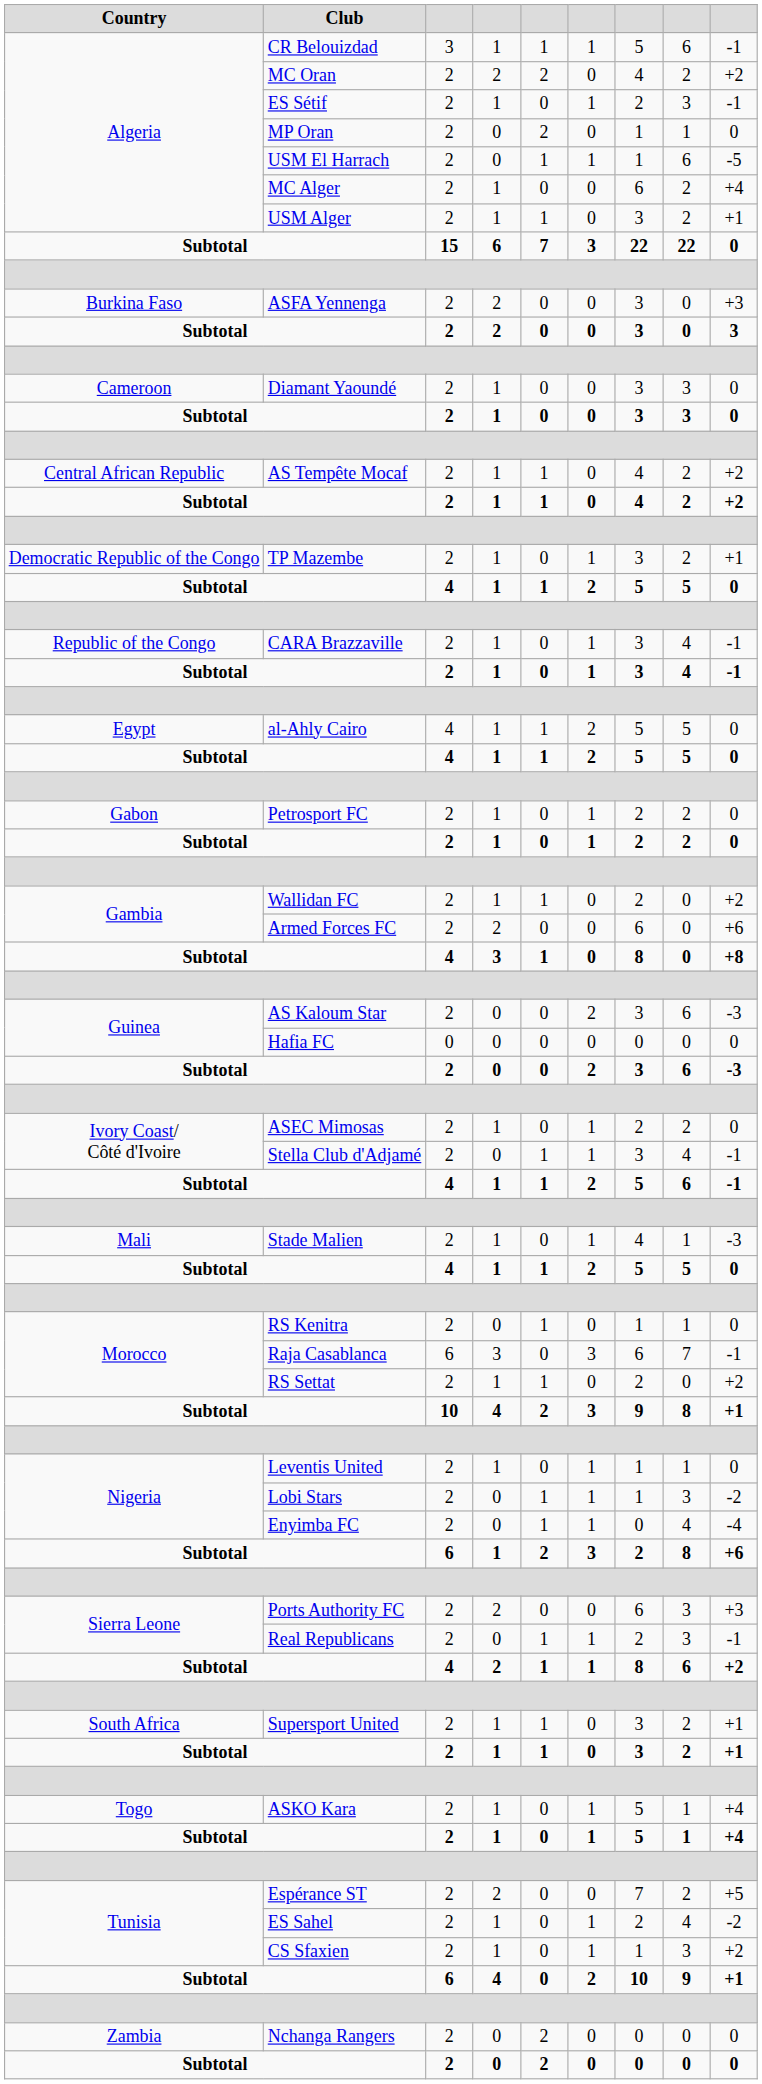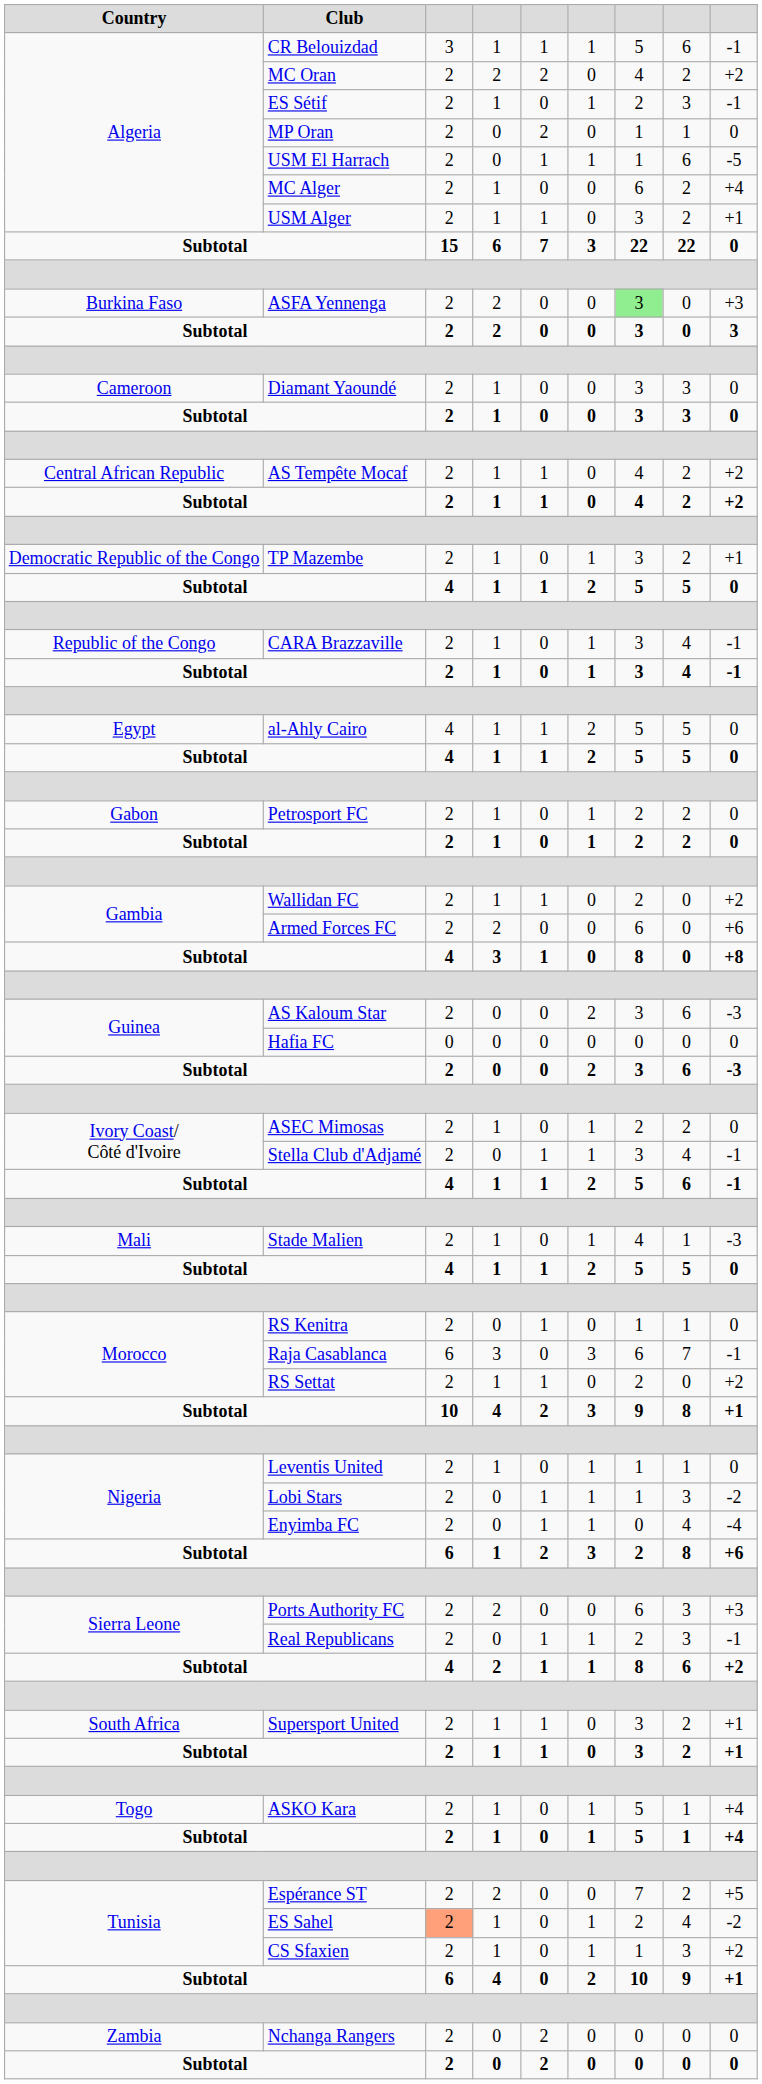 <table class="wikitable" style="text-align: center;">
 <tr>
 <th style="background:#DCDCDC">Country</th>
 <th style="background:#DCDCDC">Club</th>
 <th width="35" style="background:#DCDCDC"></th>
 <th width="35" style="background:#DCDCDC"></th>
 <th width="35" style="background:#DCDCDC"></th>
 <th width="35" style="background:#DCDCDC"></th>
 <th width="35" style="background:#DCDCDC"></th>
 <th width="35" style="background:#DCDCDC"></th>
 <th width="35" style="background:#DCDCDC"></th>
 </tr>
 <tr>
 <td rowspan=7> <a href='#'>Algeria</a></td>
 <td align=left><a href='#'>CR Belouizdad</a></td>
 <td>3</td>
 <td>1</td>
 <td>1</td>
 <td>1</td>
 <td>5</td>
 <td>6</td>
 <td>-1</td>
 </tr>
 <tr>
 <td align=left><a href='#'>MC Oran</a></td>
 <td>2</td>
 <td>2</td>
 <td>2</td>
 <td>0</td>
 <td>4</td>
 <td>2</td>
 <td>+2</td>
 </tr>
 <tr>
 <td align=left><a href='#'>ES Sétif</a></td>
 <td>2</td>
 <td>1</td>
 <td>0</td>
 <td>1</td>
 <td>2</td>
 <td>3</td>
 <td>-1</td>
 </tr>
 <tr>
 <td align=left><a href='#'>MP Oran</a></td>
 <td>2</td>
 <td>0</td>
 <td>2</td>
 <td>0</td>
 <td>1</td>
 <td>1</td>
 <td>0</td>
 </tr>
 <tr>
 <td align=left><a href='#'>USM El Harrach</a></td>
 <td>2</td>
 <td>0</td>
 <td>1</td>
 <td>1</td>
 <td>1</td>
 <td>6</td>
 <td>-5</td>
 </tr>
 <tr>
 <td align=left><a href='#'>MC Alger</a></td>
 <td>2</td>
 <td>1</td>
 <td>0</td>
 <td>0</td>
 <td>6</td>
 <td>2</td>
 <td>+4</td>
 </tr>
 <tr>
 <td align=left><a href='#'>USM Alger</a></td>
 <td>2</td>
 <td>1</td>
 <td>1</td>
 <td>0</td>
 <td>3</td>
 <td>2</td>
 <td>+1</td>
 </tr>
 <tr>
 <td colspan=2 align-"center"><strong>Subtotal</strong></td>
 <td><strong>15</strong></td>
 <td><strong>6</strong></td>
 <td><strong>7</strong></td>
 <td><strong>3</strong></td>
 <td><strong>22</strong></td>
 <td><strong>22</strong></td>
 <td><strong>0</strong></td>
 </tr>
 <tr>
 <th colspan=9 height="18" style="background:#DCDCDC"></th>
 </tr>
 <tr>
 <td> <a href='#'>Burkina Faso</a></td>
 <td align=left><a href='#'>ASFA Yennenga</a></td>
 <td>2</td>
 <td>2</td>
 <td>0</td>
 <td>0</td>
-<td>3</td>
+<td style="background: lightgreen;">3</td>
 <td>0</td>
 <td>+3</td>
 </tr>
 <tr>
 <td colspan=2 align-"center"><strong>Subtotal</strong></td>
 <td><strong>2</strong></td>
 <td><strong>2</strong></td>
 <td><strong>0</strong></td>
 <td><strong>0</strong></td>
 <td><strong>3</strong></td>
 <td><strong>0</strong></td>
 <td><strong>3</strong></td>
 </tr>
 <tr>
 <th colspan=9 height="18" style="background:#DCDCDC"></th>
 </tr>
 <tr>
 <td> <a href='#'>Cameroon</a></td>
 <td align=left><a href='#'>Diamant Yaoundé</a></td>
 <td>2</td>
 <td>1</td>
 <td>0</td>
 <td>0</td>
 <td>3</td>
 <td>3</td>
 <td>0</td>
 </tr>
 <tr>
 <td colspan=2 align-"center"><strong>Subtotal</strong></td>
 <td><strong>2</strong></td>
 <td><strong>1</strong></td>
 <td><strong>0</strong></td>
 <td><strong>0</strong></td>
 <td><strong>3</strong></td>
 <td><strong>3</strong></td>
 <td><strong>0</strong></td>
 </tr>
 <tr>
 <th colspan=9 height="18" style="background:#DCDCDC"></th>
 </tr>
 <tr>
 <td> <a href='#'>Central African Republic</a></td>
 <td align=left><a href='#'>AS Tempête Mocaf</a></td>
 <td>2</td>
 <td>1</td>
 <td>1</td>
 <td>0</td>
 <td>4</td>
 <td>2</td>
 <td>+2</td>
 </tr>
 <tr>
 <td colspan=2 align-"center"><strong>Subtotal</strong></td>
 <td><strong>2</strong></td>
 <td><strong>1</strong></td>
 <td><strong>1</strong></td>
 <td><strong>0</strong></td>
 <td><strong>4</strong></td>
 <td><strong>2</strong></td>
 <td><strong>+2</strong></td>
 </tr>
 <tr>
 <th colspan=9 height="18" style="background:#DCDCDC"></th>
 </tr>
 <tr>
 <td> <a href='#'>Democratic Republic of the Congo</a></td>
 <td align=left><a href='#'>TP Mazembe</a></td>
 <td>2</td>
 <td>1</td>
 <td>0</td>
 <td>1</td>
 <td>3</td>
 <td>2</td>
 <td>+1</td>
 </tr>
 <tr>
 <td colspan=2 align-"center"><strong>Subtotal</strong></td>
 <td><strong>4</strong></td>
 <td><strong>1</strong></td>
 <td><strong>1</strong></td>
 <td><strong>2</strong></td>
 <td><strong>5</strong></td>
 <td><strong>5</strong></td>
 <td><strong>0</strong></td>
 </tr>
 <tr>
 <th colspan=9 height="18" style="background:#DCDCDC"></th>
 </tr>
 <tr>
 <td><a href='#'>Republic of the Congo</a></td>
 <td align=left><a href='#'>CARA Brazzaville</a></td>
 <td>2</td>
 <td>1</td>
 <td>0</td>
 <td>1</td>
 <td>3</td>
 <td>4</td>
 <td>-1</td>
 </tr>
 <tr>
 <td colspan=2 align-"center"><strong>Subtotal</strong></td>
 <td><strong>2</strong></td>
 <td><strong>1</strong></td>
 <td><strong>0</strong></td>
 <td><strong>1</strong></td>
 <td><strong>3</strong></td>
 <td><strong>4</strong></td>
 <td><strong>-1</strong></td>
 </tr>
 <tr>
 <th colspan=9 height="18" style="background:#DCDCDC"></th>
 </tr>
 <tr>
 <td> <a href='#'>Egypt</a></td>
 <td align=left><a href='#'>al-Ahly Cairo</a></td>
 <td>4</td>
 <td>1</td>
 <td>1</td>
 <td>2</td>
 <td>5</td>
 <td>5</td>
 <td>0</td>
 </tr>
 <tr>
 <td colspan=2 align-"center"><strong>Subtotal</strong></td>
 <td><strong>4</strong></td>
 <td><strong>1</strong></td>
 <td><strong>1</strong></td>
 <td><strong>2</strong></td>
 <td><strong>5</strong></td>
 <td><strong>5</strong></td>
 <td><strong>0</strong></td>
 </tr>
 <tr>
 <th colspan=9 height="18" style="background:#DCDCDC"></th>
 </tr>
 <tr>
 <td> <a href='#'>Gabon</a></td>
 <td align=left><a href='#'>Petrosport FC</a></td>
 <td>2</td>
 <td>1</td>
 <td>0</td>
 <td>1</td>
 <td>2</td>
 <td>2</td>
 <td>0</td>
 </tr>
 <tr>
 <td colspan=2 align-"center"><strong>Subtotal</strong></td>
 <td><strong>2</strong></td>
 <td><strong>1</strong></td>
 <td><strong>0</strong></td>
 <td><strong>1</strong></td>
 <td><strong>2</strong></td>
 <td><strong>2</strong></td>
 <td><strong>0</strong></td>
 </tr>
 <tr>
 <th colspan=9 height="18" style="background:#DCDCDC"></th>
 </tr>
 <tr>
 <td rowspan=2> <a href='#'>Gambia</a></td>
 <td align=left><a href='#'>Wallidan FC</a></td>
 <td>2</td>
 <td>1</td>
 <td>1</td>
 <td>0</td>
 <td>2</td>
 <td>0</td>
 <td>+2</td>
 </tr>
 <tr>
 <td align=left><a href='#'>Armed Forces FC</a></td>
 <td>2</td>
 <td>2</td>
 <td>0</td>
 <td>0</td>
 <td>6</td>
 <td>0</td>
 <td>+6</td>
 </tr>
 <tr>
 <td colspan=2 align-"center"><strong>Subtotal</strong></td>
 <td><strong>4</strong></td>
 <td><strong>3</strong></td>
 <td><strong>1</strong></td>
 <td><strong>0</strong></td>
 <td><strong>8</strong></td>
 <td><strong>0</strong></td>
 <td><strong>+8</strong></td>
 </tr>
 <tr>
 <th colspan=9 height="18" style="background:#DCDCDC"></th>
 </tr>
 <tr>
 <td rowspan=2> <a href='#'>Guinea</a></td>
 <td align=left><a href='#'>AS Kaloum Star</a></td>
 <td>2</td>
 <td>0</td>
 <td>0</td>
 <td>2</td>
 <td>3</td>
 <td>6</td>
 <td>-3</td>
 </tr>
 <tr>
 <td align=left><a href='#'>Hafia FC</a></td>
 <td>0</td>
 <td>0</td>
 <td>0</td>
 <td>0</td>
 <td>0</td>
 <td>0</td>
 <td>0</td>
 </tr>
 <tr>
 <td colspan=2 align-"center"><strong>Subtotal</strong></td>
 <td><strong>2</strong></td>
 <td><strong>0</strong></td>
 <td><strong>0</strong></td>
 <td><strong>2</strong></td>
 <td><strong>3</strong></td>
 <td><strong>6</strong></td>
 <td><strong>-3</strong></td>
 </tr>
 <tr>
 <th colspan=9 height="18" style="background:#DCDCDC"></th>
 </tr>
 <tr>
 <td rowspan=2> <a href='#'>Ivory Coast</a>/<br>Côté d'Ivoire</td>
 <td align=left><a href='#'>ASEC Mimosas</a></td>
 <td>2</td>
 <td>1</td>
 <td>0</td>
 <td>1</td>
 <td>2</td>
 <td>2</td>
 <td>0</td>
 </tr>
 <tr>
 <td align=left><a href='#'>Stella Club d'Adjamé</a></td>
 <td>2</td>
 <td>0</td>
 <td>1</td>
 <td>1</td>
 <td>3</td>
 <td>4</td>
 <td>-1</td>
 </tr>
 <tr>
 <td colspan=2 align-"center"><strong>Subtotal</strong></td>
 <td><strong>4</strong></td>
 <td><strong>1</strong></td>
 <td><strong>1</strong></td>
 <td><strong>2</strong></td>
 <td><strong>5</strong></td>
 <td><strong>6</strong></td>
 <td><strong>-1</strong></td>
 </tr>
 <tr>
 <th colspan=9 height="18" style="background:#DCDCDC"></th>
 </tr>
 <tr>
 <td> <a href='#'>Mali</a></td>
 <td align=left><a href='#'>Stade Malien</a></td>
 <td>2</td>
 <td>1</td>
 <td>0</td>
 <td>1</td>
 <td>4</td>
 <td>1</td>
 <td>-3</td>
 </tr>
 <tr>
 <td colspan=2 align-"center"><strong>Subtotal</strong></td>
 <td><strong>4</strong></td>
 <td><strong>1</strong></td>
 <td><strong>1</strong></td>
 <td><strong>2</strong></td>
 <td><strong>5</strong></td>
 <td><strong>5</strong></td>
 <td><strong>0</strong></td>
 </tr>
 <tr>
 <th colspan=9 height="18" style="background:#DCDCDC"></th>
 </tr>
 <tr>
 <td rowspan=3> <a href='#'>Morocco</a></td>
 <td align=left><a href='#'>RS Kenitra</a></td>
 <td>2</td>
 <td>0</td>
 <td>1</td>
 <td>0</td>
 <td>1</td>
 <td>1</td>
 <td>0</td>
 </tr>
 <tr>
 <td align=left><a href='#'>Raja Casablanca</a></td>
 <td>6</td>
 <td>3</td>
 <td>0</td>
 <td>3</td>
 <td>6</td>
 <td>7</td>
 <td>-1</td>
 </tr>
 <tr>
 <td align=left><a href='#'>RS Settat</a></td>
 <td>2</td>
 <td>1</td>
 <td>1</td>
 <td>0</td>
 <td>2</td>
 <td>0</td>
 <td>+2</td>
 </tr>
 <tr>
 <td colspan=2 align-"center"><strong>Subtotal</strong></td>
 <td><strong>10</strong></td>
 <td><strong>4</strong></td>
 <td><strong>2</strong></td>
 <td><strong>3</strong></td>
 <td><strong>9</strong></td>
 <td><strong>8</strong></td>
 <td><strong>+1</strong></td>
 </tr>
 <tr>
 <th colspan=9 height="18" style="background:#DCDCDC"></th>
 </tr>
 <tr>
 <td rowspan=3> <a href='#'>Nigeria</a></td>
 <td align=left><a href='#'>Leventis United</a></td>
 <td>2</td>
 <td>1</td>
 <td>0</td>
 <td>1</td>
 <td>1</td>
 <td>1</td>
 <td>0</td>
 </tr>
 <tr>
 <td align=left><a href='#'>Lobi Stars</a></td>
 <td>2</td>
 <td>0</td>
 <td>1</td>
 <td>1</td>
 <td>1</td>
 <td>3</td>
 <td>-2</td>
 </tr>
 <tr>
 <td align=left><a href='#'>Enyimba FC</a></td>
 <td>2</td>
 <td>0</td>
 <td>1</td>
 <td>1</td>
 <td>0</td>
 <td>4</td>
 <td>-4</td>
 </tr>
 <tr>
 <td colspan=2 align-"center"><strong>Subtotal</strong></td>
 <td><strong>6</strong></td>
 <td><strong>1</strong></td>
 <td><strong>2</strong></td>
 <td><strong>3</strong></td>
 <td><strong>2</strong></td>
 <td><strong>8</strong></td>
 <td><strong>+6</strong></td>
 </tr>
 <tr>
 <th colspan=9 height="18" style="background:#DCDCDC"></th>
 </tr>
 <tr>
 <td rowspan=2> <a href='#'>Sierra Leone</a></td>
 <td align=left><a href='#'>Ports Authority FC</a></td>
 <td>2</td>
 <td>2</td>
 <td>0</td>
 <td>0</td>
 <td>6</td>
 <td>3</td>
 <td>+3</td>
 </tr>
 <tr>
 <td align=left><a href='#'>Real Republicans</a></td>
 <td>2</td>
 <td>0</td>
 <td>1</td>
 <td>1</td>
 <td>2</td>
 <td>3</td>
 <td>-1</td>
 </tr>
 <tr>
 <td colspan=2 align-"center"><strong>Subtotal</strong></td>
 <td><strong>4</strong></td>
 <td><strong>2</strong></td>
 <td><strong>1</strong></td>
 <td><strong>1</strong></td>
 <td><strong>8</strong></td>
 <td><strong>6</strong></td>
 <td><strong>+2</strong></td>
 </tr>
 <tr>
 <th colspan=9 height="18" style="background:#DCDCDC"></th>
 </tr>
 <tr>
 <td> <a href='#'>South Africa</a></td>
 <td align=left><a href='#'>Supersport United</a></td>
 <td>2</td>
 <td>1</td>
 <td>1</td>
 <td>0</td>
 <td>3</td>
 <td>2</td>
 <td>+1</td>
 </tr>
 <tr>
 <td colspan=2 align-"center"><strong>Subtotal</strong></td>
 <td><strong>2</strong></td>
 <td><strong>1</strong></td>
 <td><strong>1</strong></td>
 <td><strong>0</strong></td>
 <td><strong>3</strong></td>
 <td><strong>2</strong></td>
 <td><strong>+1</strong></td>
 </tr>
 <tr>
 <th colspan=9 height="18" style="background:#DCDCDC"></th>
 </tr>
 <tr>
 <td> <a href='#'>Togo</a></td>
 <td align=left><a href='#'>ASKO Kara</a></td>
 <td>2</td>
 <td>1</td>
 <td>0</td>
 <td>1</td>
 <td>5</td>
 <td>1</td>
 <td>+4</td>
 </tr>
 <tr>
 <td colspan=2 align-"center"><strong>Subtotal</strong></td>
 <td><strong>2</strong></td>
 <td><strong>1</strong></td>
 <td><strong>0</strong></td>
 <td><strong>1</strong></td>
 <td><strong>5</strong></td>
 <td><strong>1</strong></td>
 <td><strong>+4</strong></td>
 </tr>
 <tr>
 <th colspan=9 height="18" style="background:#DCDCDC"></th>
 </tr>
 <tr>
 <td rowspan=3> <a href='#'>Tunisia</a></td>
 <td align=left><a href='#'>Espérance ST</a></td>
 <td>2</td>
 <td>2</td>
 <td>0</td>
 <td>0</td>
 <td>7</td>
 <td>2</td>
 <td>+5</td>
 </tr>
 <tr>
 <td align=left><a href='#'>ES Sahel</a></td>
-<td>2</td>
+<td style="background: lightsalmon;">2</td>
 <td>1</td>
 <td>0</td>
 <td>1</td>
 <td>2</td>
 <td>4</td>
 <td>-2</td>
 </tr>
 <tr>
 <td align=left><a href='#'>CS Sfaxien</a></td>
 <td>2</td>
 <td>1</td>
 <td>0</td>
 <td>1</td>
 <td>1</td>
 <td>3</td>
 <td>+2</td>
 </tr>
 <tr>
 <td colspan=2 align-"center"><strong>Subtotal</strong></td>
 <td><strong>6</strong></td>
 <td><strong>4</strong></td>
 <td><strong>0</strong></td>
 <td><strong>2</strong></td>
 <td><strong>10</strong></td>
 <td><strong>9</strong></td>
 <td><strong>+1</strong></td>
 </tr>
 <tr>
 <th colspan=9 height="18" style="background:#DCDCDC"></th>
 </tr>
 <tr>
 <td> <a href='#'>Zambia</a></td>
 <td align=left><a href='#'>Nchanga Rangers</a></td>
 <td>2</td>
 <td>0</td>
 <td>2</td>
 <td>0</td>
 <td>0</td>
 <td>0</td>
 <td>0</td>
 </tr>
 <tr>
 <td colspan=2 align-"center"><strong>Subtotal</strong></td>
 <td><strong>2</strong></td>
 <td><strong>0</strong></td>
 <td><strong>2</strong></td>
 <td><strong>0</strong></td>
 <td><strong>0</strong></td>
 <td><strong>0</strong></td>
 <td><strong>0</strong></td>
 </tr>
 </table>
